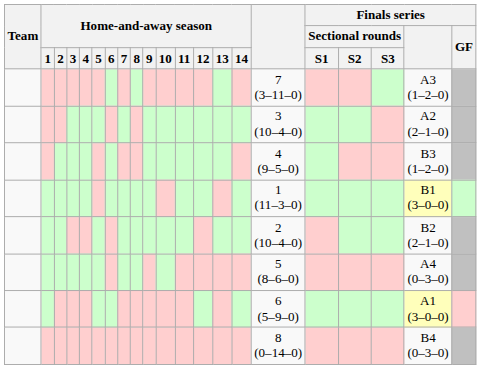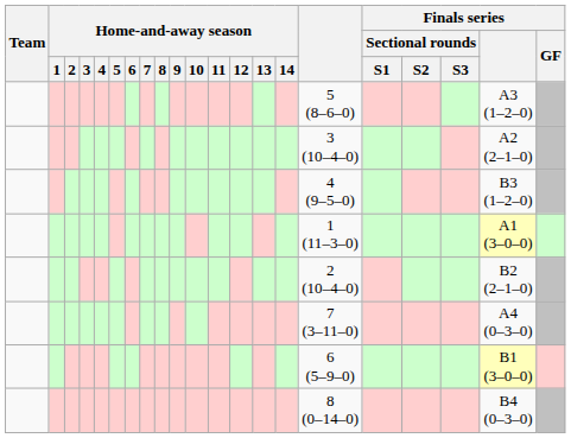 <table class="wikitable sortable" style="font-size:85%; text-align:center">
 <tr>
 <th rowspan=3>Team</th>
 <th colspan=14 rowspan=2>Home-and-away season</th>
 <th rowspan=3></th>
 <th colspan=5>Finals series</th>
 </tr>
 <tr>
 <th colspan=3>Sectional rounds</th>
 <th rowspan=2></th>
 <th rowspan=2>GF</th>
 </tr>
 <tr>
 <th>1</th>
 <th>2</th>
 <th>3</th>
 <th>4</th>
 <th>5</th>
 <th>6</th>
 <th>7</th>
 <th>8</th>
 <th>9</th>
 <th>10</th>
 <th>11</th>
 <th>12</th>
 <th>13</th>
 <th>14</th>
 <th>S1</th>
 <th>S2</th>
 <th>S3</th>
 </tr>
 <tr>
 <td align=left></td>
 <td bgcolor=FFCFCF></td>
 <td bgcolor=FFCFCF><strong></strong></td>
 <td bgcolor=FFCFCF><strong></strong></td>
 <td bgcolor=FFCFCF></td>
 <td bgcolor=FFCFCF><strong></strong></td>
 <td bgcolor=CCFFCC></td>
 <td bgcolor=FFCFCF></td>
 <td bgcolor=CCFFCC><strong></strong></td>
 <td bgcolor=FFCFCF></td>
 <td bgcolor=FFCFCF></td>
 <td bgcolor=FFCFCF><strong></strong></td>
 <td bgcolor=FFCFCF></td>
 <td bgcolor=CCFFCC><strong></strong></td>
 <td bgcolor=FFCFCF><strong></strong></td>
-<td>7<br>(3–11–0)</td>
+<td>5<br>(8–6–0)</td>
 <td bgcolor=FFCFCF></td>
 <td bgcolor=FFCFCF></td>
 <td bgcolor=CCFFCC><strong></strong></td>
 <td>A3<br>(1–2–0)</td>
 <td bgcolor=C0C0C0></td>
 </tr>
 <tr>
 <td align=left></td>
 <td bgcolor=FFCFCF></td>
 <td bgcolor=FFCFCF><strong></strong></td>
 <td bgcolor=CCFFCC><strong></strong></td>
 <td bgcolor=CCFFCC></td>
 <td bgcolor=CCFFCC></td>
 <td bgcolor=FFCFCF><strong></strong></td>
 <td bgcolor=CCFFCC><strong></strong></td>
 <td bgcolor=FFCFCF><strong></strong></td>
 <td bgcolor=CCFFCC></td>
 <td bgcolor=CCFFCC></td>
 <td bgcolor=CCFFCC><strong></strong></td>
 <td bgcolor=CCFFCC><strong></strong></td>
 <td bgcolor=CCFFCC></td>
 <td bgcolor=CCFFCC></td>
 <td>3<br>(10–4–0)</td>
 <td bgcolor=CCFFCC></td>
 <td bgcolor=CCFFCC><strong></strong></td>
 <td bgcolor=FFCFCF><strong></strong></td>
 <td>A2<br>(2–1–0)</td>
 <td bgcolor=C0C0C0></td>
 </tr>
 <tr>
 <td align=left></td>
 <td bgcolor=FFCFCF></td>
 <td bgcolor=CCFFCC></td>
 <td bgcolor=CCFFCC><strong></strong></td>
 <td bgcolor=CCFFCC><strong></strong></td>
 <td bgcolor=FFCFCF></td>
 <td bgcolor=CCFFCC><strong></strong></td>
 <td bgcolor=FFCFCF></td>
 <td bgcolor=FFCFCF><strong></strong></td>
 <td bgcolor=CCFFCC><strong></strong></td>
 <td bgcolor=CCFFCC></td>
 <td bgcolor=CCFFCC></td>
 <td bgcolor=CCFFCC><strong></strong></td>
 <td bgcolor=CCFFCC></td>
 <td bgcolor=FFCFCF><strong></strong></td>
 <td>4<br>(9–5–0)</td>
 <td bgcolor=CCFFCC><strong></strong></td>
 <td bgcolor=FFCFCF><strong></strong></td>
 <td bgcolor=FFCFCF></td>
 <td>B3<br>(1–2–0)</td>
 <td bgcolor=C0C0C0></td>
 </tr>
 <tr>
 <td align=left></td>
 <td bgcolor=CCFFCC><strong></strong></td>
 <td bgcolor=CCFFCC></td>
 <td bgcolor=CCFFCC></td>
 <td bgcolor=CCFFCC><strong></strong></td>
 <td bgcolor=FFCFCF></td>
 <td bgcolor=CCFFCC></td>
 <td bgcolor=CCFFCC><strong></strong></td>
 <td bgcolor=CCFFCC></td>
 <td bgcolor=CCFFCC><strong></strong></td>
 <td bgcolor=FFCFCF><strong></strong></td>
 <td bgcolor=CCFFCC></td>
 <td bgcolor=CCFFCC><strong></strong></td>
 <td bgcolor=FFCFCF><strong></strong></td>
 <td bgcolor=CCFFCC></td>
 <td>1<br>(11–3–0)</td>
 <td bgcolor=CCFFCC><strong></strong></td>
 <td bgcolor=CCFFCC><strong></strong></td>
 <td bgcolor=CCFFCC></td>
-<td bgcolor=FFFFBB>B1<br>(3–0–0)</td>
+<td bgcolor=FFFFBB>A1<br>(3–0–0)</td>
 <td bgcolor=CCFFCC><strong></strong></td>
 </tr>
 <tr>
 <td align=left></td>
 <td bgcolor=CCFFCC><strong></strong></td>
 <td bgcolor=CCFFCC></td>
 <td bgcolor=FFCFCF><strong></strong></td>
 <td bgcolor=FFCFCF></td>
 <td bgcolor=CCFFCC><strong></strong></td>
 <td bgcolor=FFCFCF></td>
 <td bgcolor=CCFFCC></td>
 <td bgcolor=CCFFCC></td>
 <td bgcolor=CCFFCC><strong></strong></td>
 <td bgcolor=CCFFCC></td>
 <td bgcolor=CCFFCC><strong></strong></td>
 <td bgcolor=FFCFCF></td>
 <td bgcolor=CCFFCC><strong></strong></td>
 <td bgcolor=CCFFCC><strong></strong></td>
 <td>2<br>(10–4–0)</td>
 <td bgcolor=FFCFCF><strong></strong></td>
 <td bgcolor=CCFFCC></td>
 <td bgcolor=CCFFCC><strong></strong></td>
 <td>B2<br>(2–1–0)</td>
 <td bgcolor=C0C0C0></td>
 </tr>
 <tr>
 <td align=left></td>
 <td bgcolor=CCFFCC><strong></strong></td>
 <td bgcolor=CCFFCC></td>
 <td bgcolor=CCFFCC></td>
 <td bgcolor=CCFFCC><strong></strong></td>
 <td bgcolor=CCFFCC><strong></strong></td>
 <td bgcolor=FFCFCF></td>
 <td bgcolor=CCFFCC><strong></strong></td>
 <td bgcolor=CCFFCC></td>
 <td bgcolor=FFCFCF><strong></strong></td>
 <td bgcolor=CCFFCC><strong></strong></td>
 <td bgcolor=FFCFCF></td>
 <td bgcolor=FFCFCF></td>
 <td bgcolor=FFCFCF><strong></strong></td>
 <td bgcolor=FFCFCF></td>
-<td>5<br>(8–6–0)</td>
+<td>7<br>(3–11–0)</td>
 <td bgcolor=FFCFCF><strong></strong></td>
 <td bgcolor=FFCFCF></td>
 <td bgcolor=FFCFCF></td>
 <td>A4<br>(0–3–0)</td>
 <td bgcolor=C0C0C0></td>
 </tr>
 <tr>
 <td align=left></td>
 <td bgcolor=CCFFCC><strong></strong></td>
 <td bgcolor=FFCFCF><strong></strong></td>
 <td bgcolor=FFCFCF></td>
 <td bgcolor=FFCFCF><strong></strong></td>
 <td bgcolor=CCFFCC></td>
 <td bgcolor=CCFFCC><strong></strong></td>
 <td bgcolor=FFCFCF></td>
 <td bgcolor=FFCFCF></td>
 <td bgcolor=FFCFCF></td>
 <td bgcolor=FFCFCF><strong></strong></td>
 <td bgcolor=FFCFCF></td>
 <td bgcolor=CCFFCC><strong></strong></td>
 <td bgcolor=FFCFCF></td>
 <td bgcolor=CCFFCC><strong></strong></td>
 <td>6<br>(5–9–0)</td>
 <td bgcolor=CCFFCC></td>
 <td bgcolor=CCFFCC></td>
 <td bgcolor=CCFFCC><strong></strong></td>
-<td bgcolor=FFFFBB>A1<br>(3–0–0)</td>
+<td bgcolor=FFFFBB>B1<br>(3–0–0)</td>
 <td bgcolor=FFCFCF></td>
 </tr>
 <tr>
 <td align=left></td>
 <td bgcolor=FFCFCF></td>
 <td bgcolor=FFCFCF><strong></strong></td>
 <td bgcolor=FFCFCF></td>
 <td bgcolor=FFCFCF></td>
 <td bgcolor=FFCFCF><strong></strong></td>
 <td bgcolor=FFCFCF><strong></strong></td>
 <td bgcolor=FFCFCF><strong></strong></td>
 <td bgcolor=FFCFCF><strong></strong></td>
 <td bgcolor=FFCFCF></td>
 <td bgcolor=FFCFCF><strong></strong></td>
 <td bgcolor=FFCFCF><strong></strong></td>
 <td bgcolor=FFCFCF></td>
 <td bgcolor=FFCFCF></td>
 <td bgcolor=FFCFCF></td>
 <td>8<br>(0–14–0)</td>
 <td bgcolor=FFCFCF></td>
 <td bgcolor=FFCFCF><strong></strong></td>
 <td bgcolor=FFCFCF></td>
 <td>B4<br>(0–3–0)</td>
 <td bgcolor=C0C0C0></td>
 </tr>
 </table>
